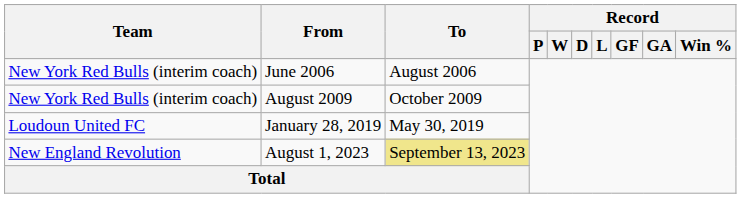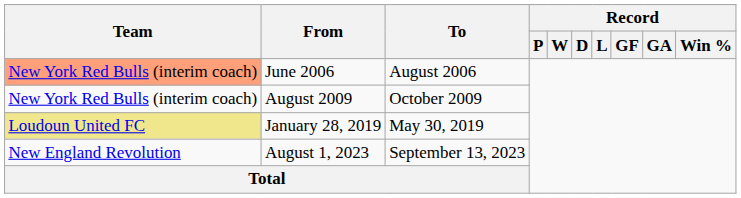 <table class="wikitable" style="text-align: center">
 <tr>
 <th rowspan="2">Team</th>
 <th rowspan="2">From</th>
 <th rowspan="2">To</th>
 <th colspan="7">Record</th>
 </tr>
 <tr>
 <th>P</th>
 <th>W</th>
 <th>D</th>
 <th>L</th>
 <th>GF</th>
 <th>GA</th>
 <th>Win %</th>
 </tr>
 <tr>
-<td align=left><a href='#'>New York Red Bulls</a> (interim coach)</td>
+<td align=left style="background: lightsalmon;"><a href='#'>New York Red Bulls</a> (interim coach)</td>
 <td align=left>June 2006</td>
 <td align=left>August 2006<br></td>
 </tr>
 <tr>
 <td align=left><a href='#'>New York Red Bulls</a> (interim coach)</td>
 <td align=left>August 2009</td>
 <td align=left>October 2009<br></td>
 </tr>
 <tr>
-<td align=left><a href='#'>Loudoun United FC</a></td>
+<td align=left style="background: khaki;"><a href='#'>Loudoun United FC</a></td>
 <td align=left>January 28, 2019</td>
 <td align=left>May 30, 2019<br></td>
 </tr>
 <tr>
 <td align=left><a href='#'>New England Revolution</a></td>
 <td align=left>August 1, 2023</td>
-<td align=left style="background: khaki;">September 13, 2023<br></td>
+<td align=left>September 13, 2023<br></td>
 </tr>
 <tr>
 <th colspan="3">Total<br></th>
 </tr>
 </table>
